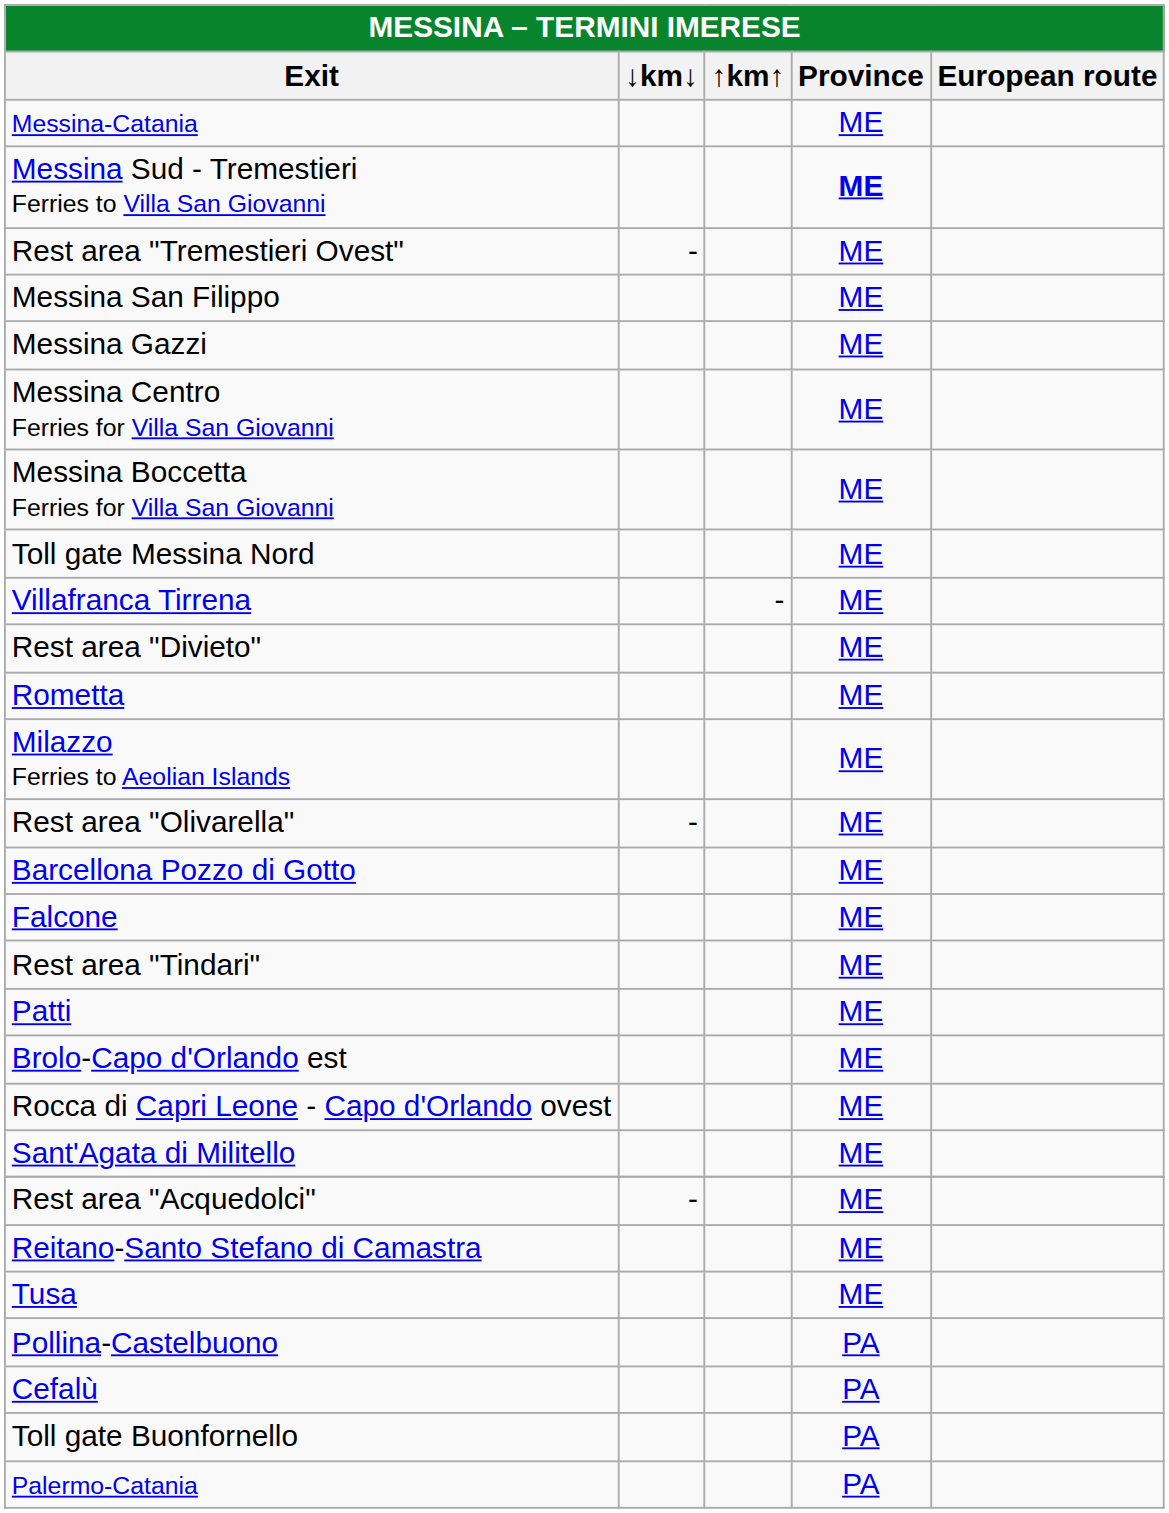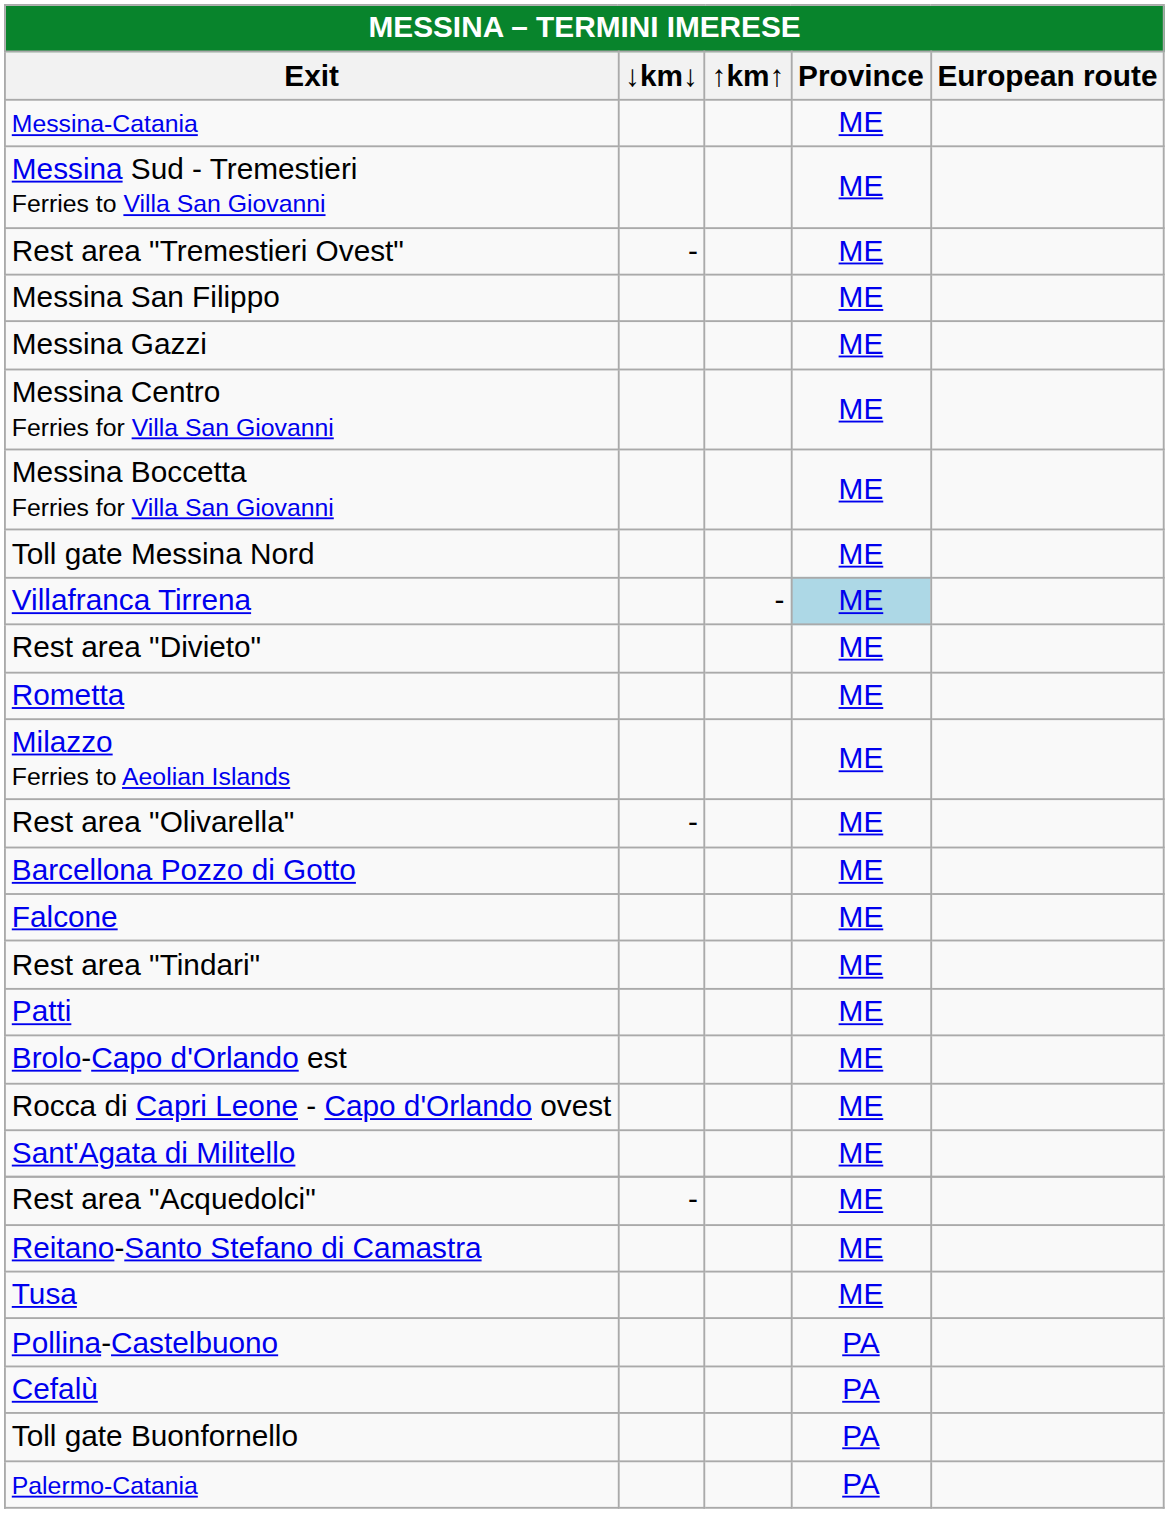 <table class="wikitable">
 <tr align="center" style="color: white;" bgcolor="#08842c">
 <td colspan="6"><strong> MESSINA – TERMINI IMERESE</strong></td>
 </tr>
 <tr>
 <th><strong>Exit</strong></th>
 <th align="center"><strong>↓km↓</strong></th>
 <th align="center"><strong>↑km↑</strong></th>
 <th align="center"><strong>Province</strong></th>
 <th align="center"><strong>European route</strong></th>
 </tr>
 <tr>
 <td>  <a href='#'><small>Messina-Catania</small></a></td>
 <td align="right"></td>
 <td align="right"></td>
 <td align="center"><a href='#'>ME</a></td>
 <td align="center"></td>
 </tr>
 <tr>
 <td> <a href='#'>Messina</a> Sud - Tremestieri<br> <small>Ferries to <a href='#'>Villa San Giovanni</a></small></td>
 <td align="right"></td>
 <td align="right"></td>
-<td align="center"><strong><a href='#'>ME</a></strong></td>
+<td align="center"><a href='#'>ME</a></td>
 <td align="center"></td>
 </tr>
 <tr>
 <td> Rest area "Tremestieri Ovest"</td>
 <td align="right">-</td>
 <td align="right"></td>
 <td align="center"><a href='#'>ME</a></td>
 <td align="center"></td>
 </tr>
 <tr>
 <td> Messina San Filippo</td>
 <td align="right"></td>
 <td align="right"></td>
 <td align="center"><a href='#'>ME</a></td>
 <td align="center"></td>
 </tr>
 <tr>
 <td> Messina Gazzi</td>
 <td align="right"></td>
 <td align="right"></td>
 <td align="center"><a href='#'>ME</a></td>
 <td align="center"></td>
 </tr>
 <tr>
 <td> Messina Centro <br><small> Ferries for <a href='#'>Villa San Giovanni</a></small></td>
 <td align="right"></td>
 <td align="right"></td>
 <td align="center"><a href='#'>ME</a></td>
 <td align="center"><br></td>
 </tr>
 <tr>
 <td> Messina Boccetta<br><small> Ferries for <a href='#'>Villa San Giovanni</a></small><br></td>
 <td align="right"></td>
 <td align="right"></td>
 <td align="center"><a href='#'>ME</a></td>
 <td align="center"></td>
 </tr>
 <tr>
 <td> Toll gate Messina Nord</td>
 <td align="right"></td>
 <td align="right"></td>
 <td align="center"><a href='#'>ME</a></td>
 <td align="center"></td>
 </tr>
 <tr>
 <td> <a href='#'>Villafranca Tirrena</a></td>
 <td align="right"></td>
 <td align="right">-</td>
-<td align="center"><a href='#'>ME</a></td>
+<td align="center" style="background: lightblue;"><a href='#'>ME</a></td>
 <td align="center"></td>
 </tr>
 <tr>
 <td> Rest area "Divieto"</td>
 <td align="right"></td>
 <td align="right"></td>
 <td align="center"><a href='#'>ME</a></td>
 <td align="center"></td>
 </tr>
 <tr>
 <td> <a href='#'>Rometta</a></td>
 <td align="right"></td>
 <td align="right"></td>
 <td align="center"><a href='#'>ME</a></td>
 <td align="center"></td>
 </tr>
 <tr>
 <td> <a href='#'>Milazzo</a><br><small>Ferries to <a href='#'>Aeolian Islands</a></small></td>
 <td align="right"></td>
 <td align="right"></td>
 <td align="center"><a href='#'>ME</a></td>
 <td align="center"></td>
 </tr>
 <tr>
 <td> Rest area "Olivarella"</td>
 <td align="right">-</td>
 <td align="right"></td>
 <td align="center"><a href='#'>ME</a></td>
 <td align="center"></td>
 </tr>
 <tr>
 <td> <a href='#'>Barcellona Pozzo di Gotto</a></td>
 <td align="right"></td>
 <td align="right"></td>
 <td align="center"><a href='#'>ME</a></td>
 <td align="center"></td>
 </tr>
 <tr>
 <td> <a href='#'>Falcone</a></td>
 <td align="right"></td>
 <td align="right"></td>
 <td align="center"><a href='#'>ME</a></td>
 <td align="center"></td>
 </tr>
 <tr>
 <td> Rest area "Tindari"</td>
 <td align="right"></td>
 <td align="right"></td>
 <td align="center"><a href='#'>ME</a></td>
 <td align="center"></td>
 </tr>
 <tr>
 <td> <a href='#'>Patti</a></td>
 <td align="right"></td>
 <td align="right"></td>
 <td align="center"><a href='#'>ME</a></td>
 <td align="center"></td>
 </tr>
 <tr>
 <td> <a href='#'>Brolo</a>-<a href='#'>Capo d'Orlando</a> est</td>
 <td align="right"></td>
 <td align="right"></td>
 <td align="center"><a href='#'>ME</a></td>
 <td align="center"></td>
 </tr>
 <tr>
 <td> Rocca di <a href='#'>Capri Leone</a> - <a href='#'>Capo d'Orlando</a> ovest</td>
 <td align="right"></td>
 <td align="right"></td>
 <td align="center"><a href='#'>ME</a></td>
 <td align="center"></td>
 </tr>
 <tr>
 <td> <a href='#'>Sant'Agata di Militello</a></td>
 <td align="right"></td>
 <td align="right"></td>
 <td align="center"><a href='#'>ME</a></td>
 <td align="center"></td>
 </tr>
 <tr>
 </tr>
 <tr>
 <td> Rest area "Acquedolci"</td>
 <td align="right">-</td>
 <td align="right"></td>
 <td align="center"><a href='#'>ME</a></td>
 <td align="center"></td>
 </tr>
 <tr>
 <td> <a href='#'>Reitano</a>-<a href='#'>Santo Stefano di Camastra</a></td>
 <td align="right"></td>
 <td align="right"></td>
 <td align="center"><a href='#'>ME</a></td>
 <td align="center"></td>
 </tr>
 <tr>
 <td> <a href='#'>Tusa</a></td>
 <td align="right"></td>
 <td align="right"></td>
 <td align="center"><a href='#'>ME</a></td>
 <td align="center"></td>
 </tr>
 <tr>
 <td> <a href='#'>Pollina</a>-<a href='#'>Castelbuono</a></td>
 <td align="right"></td>
 <td align="right"></td>
 <td align="center"><a href='#'>PA</a></td>
 <td align="center"></td>
 </tr>
 <tr>
 <td> <a href='#'>Cefalù</a></td>
 <td align="right"></td>
 <td align="right"></td>
 <td align="center"><a href='#'>PA</a></td>
 <td align="center"></td>
 </tr>
 <tr>
 <td> Toll gate Buonfornello</td>
 <td align="right"></td>
 <td align="right"></td>
 <td align="center"><a href='#'>PA</a></td>
 <td align="center"></td>
 </tr>
 <tr>
 <td>  <a href='#'><small>Palermo-Catania</small></a></td>
 <td align="right"></td>
 <td align="right"></td>
 <td align="center"><a href='#'>PA</a></td>
 <td align="center"><br></td>
 </tr>
 </table>
